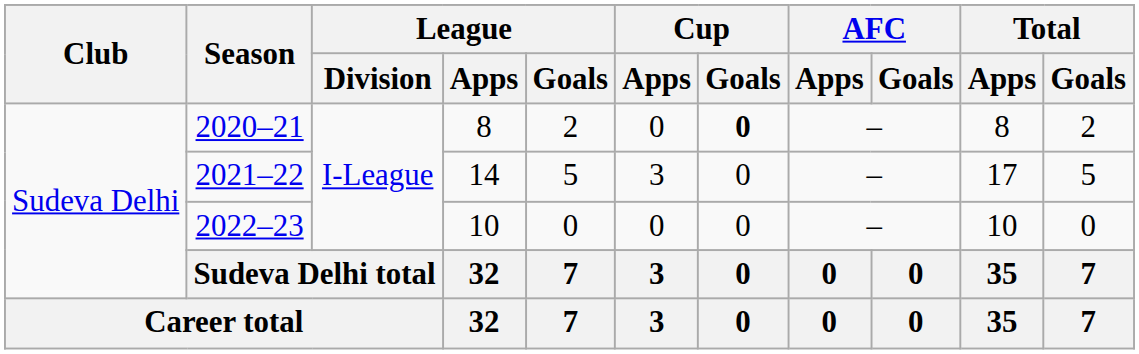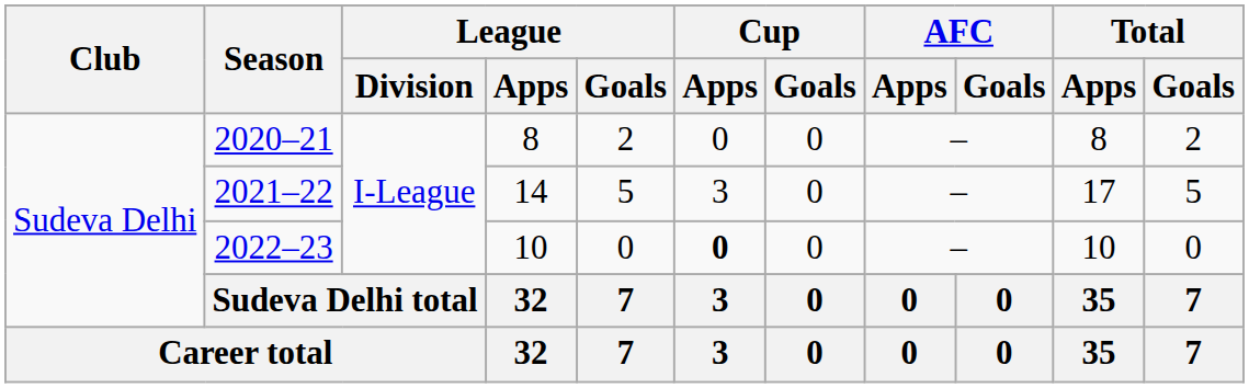 <table class="wikitable" style="text-align:center">
 <tr>
 <th rowspan="2">Club</th>
 <th rowspan="2">Season</th>
 <th colspan="3">League</th>
 <th colspan="2">Cup</th>
 <th colspan="2"><a href='#'>AFC</a></th>
 <th colspan="2">Total</th>
 </tr>
 <tr>
 <th>Division</th>
 <th>Apps</th>
 <th>Goals</th>
 <th>Apps</th>
 <th>Goals</th>
 <th>Apps</th>
 <th>Goals</th>
 <th>Apps</th>
 <th>Goals</th>
 </tr>
 <tr>
 <td rowspan="4"><a href='#'>Sudeva Delhi</a></td>
 <td><a href='#'>2020–21</a></td>
 <td rowspan="3"><a href='#'>I-League</a></td>
 <td>8</td>
 <td>2</td>
 <td>0</td>
-<td><strong>0</strong></td>
+<td>0</td>
 <td colspan="2">–</td>
 <td>8</td>
 <td>2</td>
 </tr>
 <tr>
 <td><a href='#'>2021–22</a></td>
 <td>14</td>
 <td>5</td>
 <td>3</td>
 <td>0</td>
 <td colspan="2">–</td>
 <td>17</td>
 <td>5</td>
 </tr>
 <tr>
 <td><a href='#'>2022–23</a></td>
 <td>10</td>
 <td>0</td>
-<td>0</td>
+<td><strong>0</strong></td>
 <td>0</td>
 <td colspan="2">–</td>
 <td>10</td>
 <td>0</td>
 </tr>
 <tr>
 <th colspan="2">Sudeva Delhi total</th>
 <th>32</th>
 <th>7</th>
 <th>3</th>
 <th>0</th>
 <th>0</th>
 <th>0</th>
 <th>35</th>
 <th>7</th>
 </tr>
 <tr>
 <th colspan="3">Career total</th>
 <th>32</th>
 <th>7</th>
 <th>3</th>
 <th>0</th>
 <th>0</th>
 <th>0</th>
 <th>35</th>
 <th>7</th>
 </tr>
 </table>
